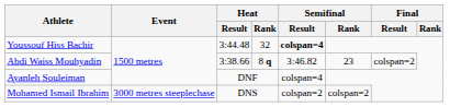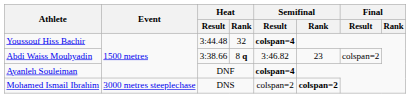 <table class="wikitable" style="font-size:90%">
 <tr>
 <th rowspan="2">Athlete</th>
 <th rowspan="2">Event</th>
 <th colspan="2">Heat</th>
 <th colspan="2">Semifinal</th>
 <th colspan="2">Final</th>
 </tr>
 <tr style="font-size:95%">
 <th>Result</th>
 <th>Rank</th>
 <th>Result</th>
 <th>Rank</th>
 <th>Result</th>
 <th>Rank</th>
 </tr>
 <tr style=text-align:center>
 <td style=text-align:left><a href='#'>Youssouf Hiss Bachir</a></td>
 <td style=text-align:left rowspan=3><a href='#'>1500 metres</a></td>
 <td>3:44.48</td>
 <td>32</td>
 <td><strong>colspan=4 </strong></td>
 </tr>
 <tr style=text-align:center>
 <td style=text-align:left><a href='#'>Abdi Waiss Mouhyadin</a></td>
 <td>3:38.66</td>
 <td>8 <strong>q</strong></td>
 <td>3:46.82</td>
 <td>23</td>
 <td>colspan=2 </td>
 </tr>
 <tr style=text-align:center>
 <td style=text-align:left><a href='#'>Ayanleh Souleiman</a></td>
 <td colspan=2>DNF</td>
-<td>colspan=4 </td>
+<td><strong>colspan=4 </strong></td>
 </tr>
 <tr style=text-align:center>
 <td style=text-align:left><a href='#'>Mohamed Ismail Ibrahim</a></td>
 <td style=text-align:left><a href='#'>3000 metres steeplechase</a></td>
 <td colspan=2>DNS</td>
 <td>colspan=2 </td>
-<td>colspan=2 </td>
+<td><strong>colspan=2 </strong></td>
 </tr>
 </table>
